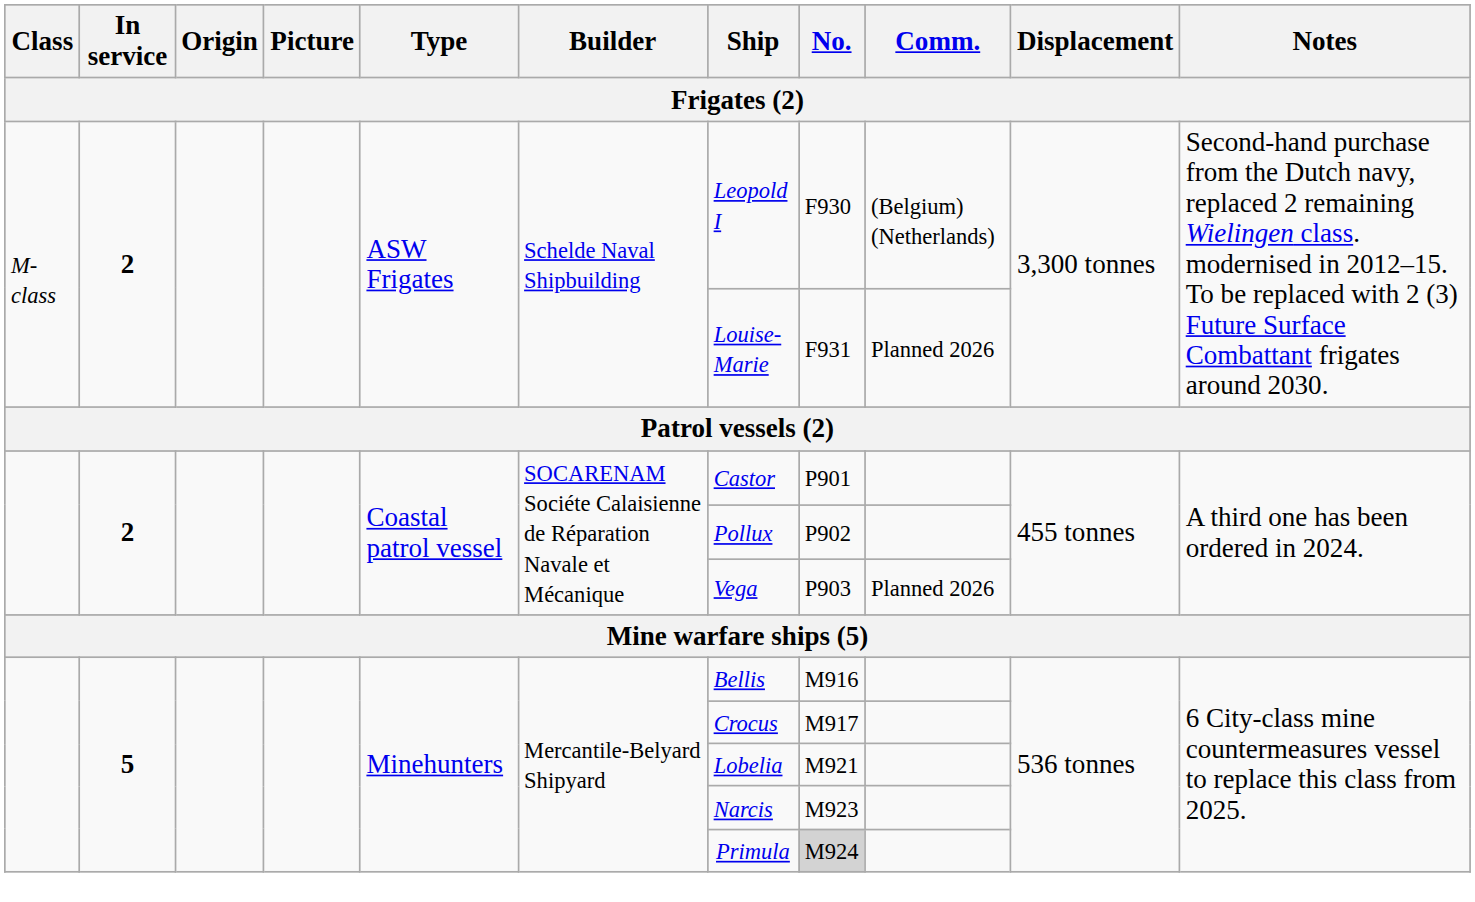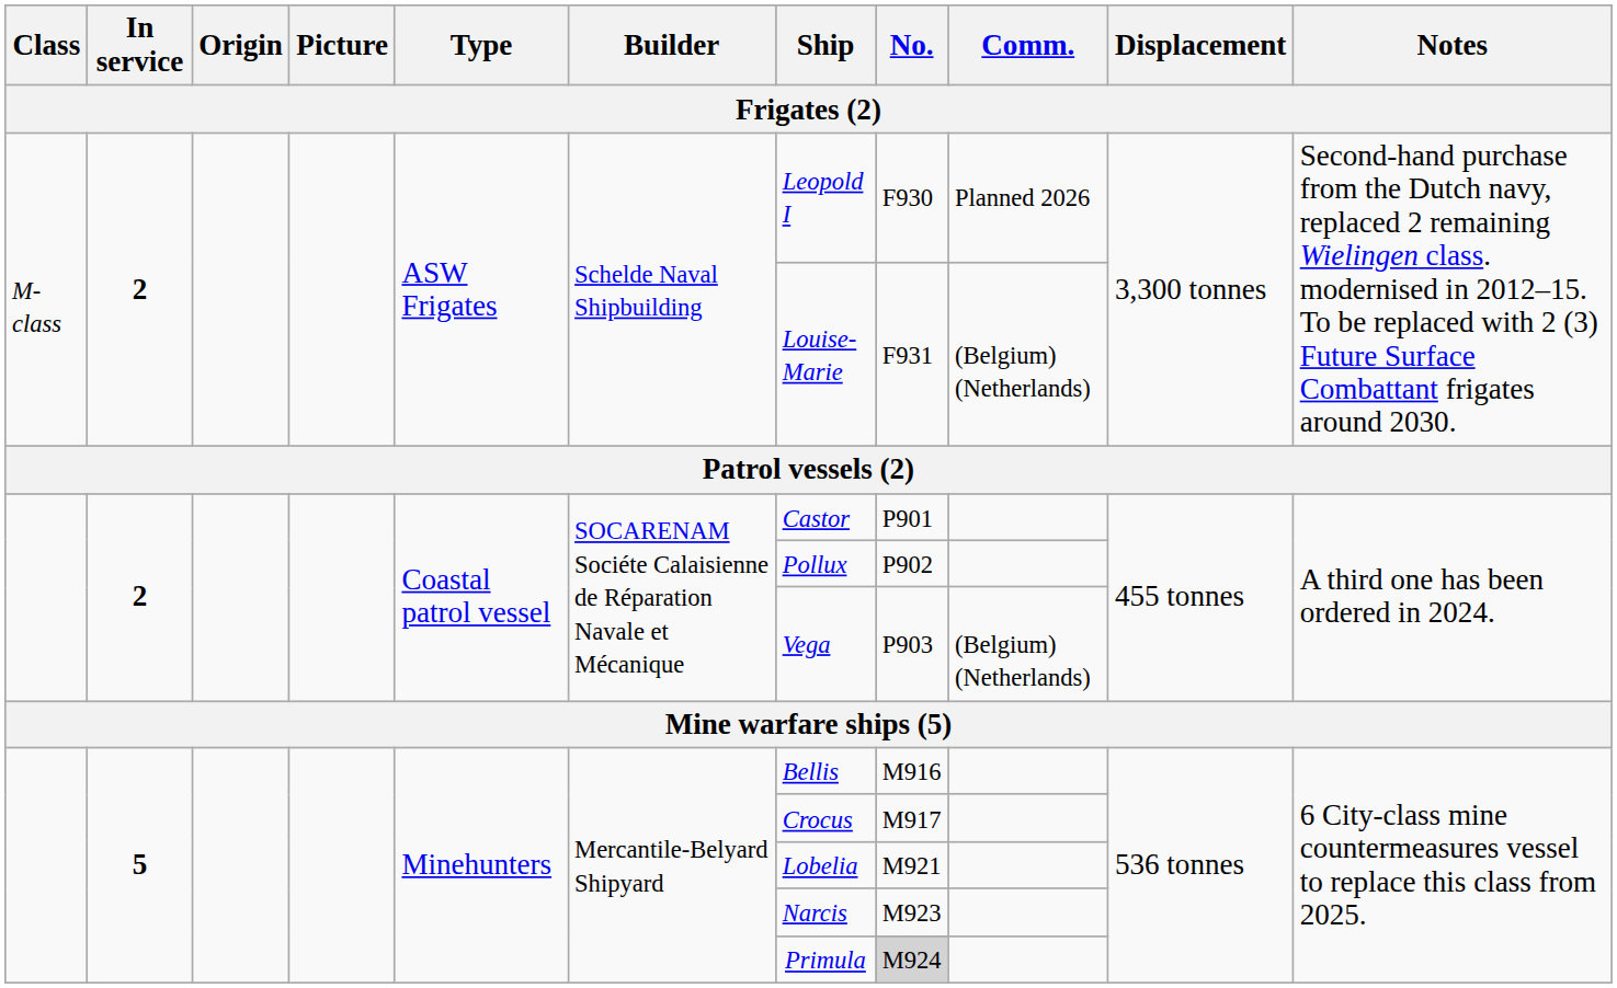 <table class="wikitable">
 <tr>
 <th>Class</th>
 <th>In service</th>
 <th>Origin</th>
 <th>Picture</th>
 <th>Type</th>
 <th>Builder</th>
 <th>Ship</th>
 <th><a href='#'>No.</a></th>
 <th><a href='#'>Comm.</a></th>
 <th>Displacement</th>
 <th>Notes</th>
 </tr>
 <tr>
 <th colspan="11">Frigates (2)</th>
 </tr>
 <tr>
 <td rowspan="2"><strong></strong><br><em><small>M-class</small></em></td>
 <td rowspan="2" style="text-align: center;"><strong>2</strong></td>
 <td rowspan="2"></td>
 <td rowspan="2"><br></td>
 <td rowspan="2"><a href='#'>ASW Frigates</a></td>
 <td rowspan="2"><a href='#'><small>Schelde Naval Shipbuilding</small></a></td>
 <td><a href='#'><em><small>Leopold I</small></em></a></td>
 <td><small>F930</small></td>
-<td><small></small><br><small>(Belgium)</small> <small></small> <small>(Netherlands)</small></td>
+<td><small>Planned 2026</small></td>
 <td rowspan="2">3,300 tonnes</td>
 <td rowspan="2">Second-hand purchase from the Dutch navy, replaced 2 remaining <a href='#'><em>Wielingen</em> class</a>. modernised in 2012–15.<br>To be replaced with 2 (3) <a href='#'>Future Surface Combattant</a> frigates around 2030.</td>
 </tr>
 <tr>
 <td><a href='#'><em><small>Louise-Marie</small></em></a></td>
 <td><small>F931</small></td>
-<td><small>Planned 2026</small></td>
+<td><small></small><br><small>(Belgium)</small> <small></small> <small>(Netherlands)</small></td>
 </tr>
 <tr>
 <th colspan="11">Patrol vessels (2)</th>
 </tr>
 <tr>
 <td rowspan="3"><strong></strong></td>
 <td rowspan="3" style="text-align: center;"><strong>2</strong></td>
 <td rowspan="3"></td>
 <td rowspan="3"></td>
 <td rowspan="3"><a href='#'>Coastal patrol vessel</a></td>
 <td rowspan="3"><a href='#'><small>SOCARENAM</small></a><br><small>Sociéte Calaisienne de Réparation Navale et Mécanique</small></td>
 <td><a href='#'><em><small>Castor</small></em></a></td>
 <td><small>P901</small></td>
 <td><small></small></td>
 <td rowspan="3">455 tonnes</td>
 <td rowspan="3"> A third one has been ordered in 2024.</td>
 </tr>
 <tr>
 <td><a href='#'><em><small>Pollux</small></em></a></td>
 <td><small>P902</small></td>
 <td><small></small></td>
 </tr>
 <tr>
 <td><a href='#'><em><small>Vega</small></em></a></td>
 <td><small>P903</small></td>
-<td><small>Planned 2026</small></td>
+<td><small></small><br><small>(Belgium)</small> <small></small> <small>(Netherlands)</small></td>
 </tr>
 <tr>
 <th colspan="11">Mine warfare ships (5)</th>
 </tr>
 <tr>
 <td rowspan="5"><strong></strong></td>
 <td rowspan="5" style="text-align: center;"><strong>5</strong></td>
 <td rowspan="5"></td>
 <td rowspan="5"></td>
 <td rowspan="5"><a href='#'>Minehunters</a></td>
 <td rowspan="5"><small>Mercantile-Belyard Shipyard</small></td>
 <td><a href='#'><em><small>Bellis</small></em></a></td>
 <td><small>M916</small></td>
 <td><small></small></td>
 <td rowspan="5">536 tonnes</td>
 <td rowspan="5">6 City-class mine countermeasures vessel to replace this class from 2025.</td>
 </tr>
 <tr>
 <td><a href='#'><em><small>Crocus</small></em></a></td>
 <td><small>M917</small></td>
 <td><small></small></td>
 </tr>
 <tr>
 <td><a href='#'><em><small>Lobelia</small></em></a></td>
 <td><small>M921</small></td>
 <td><small></small></td>
 </tr>
 <tr>
 <td><a href='#'><em><small>Narcis</small></em></a></td>
 <td><small>M923</small></td>
 <td><small></small></td>
 </tr>
 <tr>
 <td style="text-align: center;"><a href='#'><em><small>Primula</small></em></a></td>
 <td style="background: lightgrey;"><small>M924</small></td>
 <td><small></small></td>
 </tr>
 </table>
